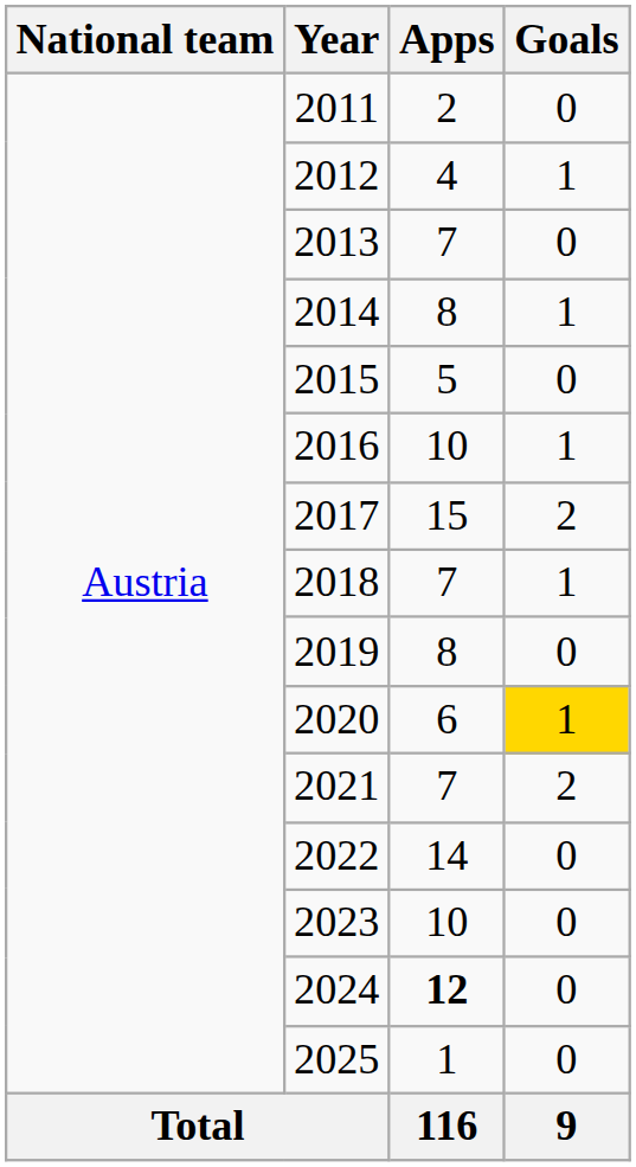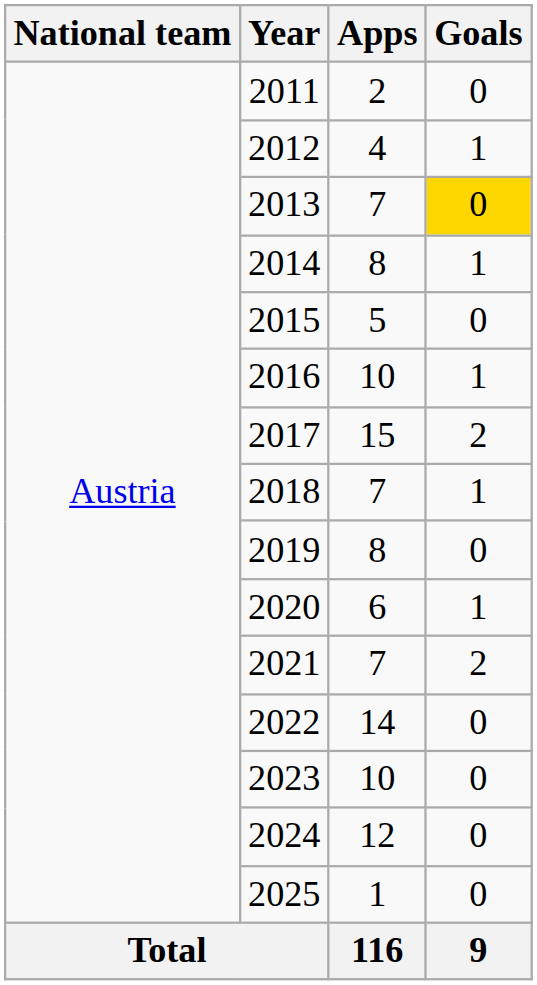 <table class="wikitable" style="text-align:center">
 <tr>
 <th>National team</th>
 <th>Year</th>
 <th>Apps</th>
 <th>Goals</th>
 </tr>
 <tr>
 <td rowspan="15"><a href='#'>Austria</a></td>
 <td>2011</td>
 <td>2</td>
 <td>0</td>
 </tr>
 <tr>
 <td>2012</td>
 <td>4</td>
 <td>1</td>
 </tr>
 <tr>
 <td>2013</td>
 <td>7</td>
-<td>0</td>
+<td style="background: gold;">0</td>
 </tr>
 <tr>
 <td>2014</td>
 <td>8</td>
 <td>1</td>
 </tr>
 <tr>
 <td>2015</td>
 <td>5</td>
 <td>0</td>
 </tr>
 <tr>
 <td>2016</td>
 <td>10</td>
 <td>1</td>
 </tr>
 <tr>
 <td>2017</td>
 <td>15</td>
 <td>2</td>
 </tr>
 <tr>
 <td>2018</td>
 <td>7</td>
 <td>1</td>
 </tr>
 <tr>
 <td>2019</td>
 <td>8</td>
 <td>0</td>
 </tr>
 <tr>
 <td>2020</td>
 <td>6</td>
-<td style="background: gold;">1</td>
+<td>1</td>
 </tr>
 <tr>
 <td>2021</td>
 <td>7</td>
 <td>2</td>
 </tr>
 <tr>
 <td>2022</td>
 <td>14</td>
 <td>0</td>
 </tr>
 <tr>
 <td>2023</td>
 <td>10</td>
 <td>0</td>
 </tr>
 <tr>
 <td>2024</td>
-<td><strong>12</strong></td>
+<td>12</td>
 <td>0</td>
 </tr>
 <tr>
 <td>2025</td>
 <td>1</td>
 <td>0</td>
 </tr>
 <tr>
 <th colspan="2">Total</th>
 <th>116</th>
 <th>9</th>
 </tr>
 </table>
